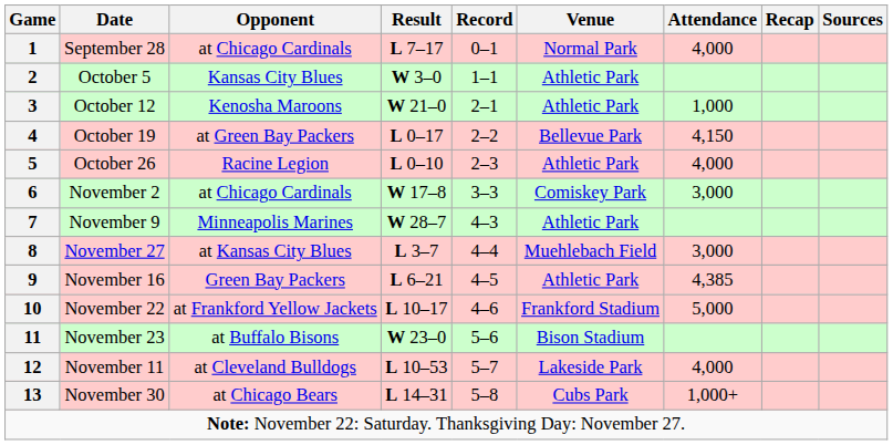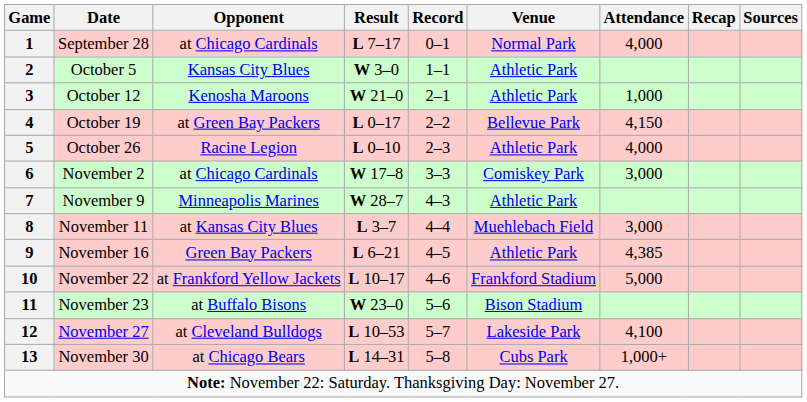 <table class="wikitable" style="text-align:center">
 <tr>
 <th>Game</th>
 <th>Date</th>
 <th>Opponent</th>
 <th>Result</th>
 <th>Record</th>
 <th>Venue</th>
 <th>Attendance</th>
 <th>Recap</th>
 <th>Sources</th>
 </tr>
 <tr style="background:#fcc">
 <th>1</th>
 <td>September 28</td>
 <td>at <a href='#'>Chicago Cardinals</a></td>
 <td><strong>L</strong> 7–17</td>
 <td>0–1</td>
 <td><a href='#'>Normal Park</a></td>
 <td>4,000</td>
 <td></td>
 <td></td>
 </tr>
 <tr style="background:#cfc">
 <th>2</th>
 <td>October 5</td>
 <td><a href='#'>Kansas City Blues</a></td>
 <td><strong>W</strong> 3–0</td>
 <td>1–1</td>
 <td><a href='#'>Athletic Park</a></td>
 <td></td>
 <td></td>
 <td></td>
 </tr>
 <tr style="background:#cfc">
 <th>3</th>
 <td>October 12</td>
 <td><a href='#'>Kenosha Maroons</a></td>
 <td><strong>W</strong> 21–0</td>
 <td>2–1</td>
 <td><a href='#'>Athletic Park</a></td>
 <td>1,000</td>
 <td></td>
 <td></td>
 </tr>
 <tr style="background:#fcc">
 <th>4</th>
 <td>October 19</td>
 <td>at <a href='#'>Green Bay Packers</a></td>
 <td><strong>L</strong> 0–17</td>
 <td>2–2</td>
 <td><a href='#'>Bellevue Park</a></td>
 <td>4,150</td>
 <td></td>
 <td></td>
 </tr>
 <tr style="background:#fcc">
 <th>5</th>
 <td>October 26</td>
 <td><a href='#'>Racine Legion</a></td>
 <td><strong>L</strong> 0–10</td>
 <td>2–3</td>
 <td><a href='#'>Athletic Park</a></td>
 <td>4,000</td>
 <td></td>
 <td></td>
 </tr>
 <tr style="background:#cfc">
 <th>6</th>
 <td>November 2</td>
 <td>at <a href='#'>Chicago Cardinals</a></td>
 <td><strong>W</strong> 17–8</td>
 <td>3–3</td>
 <td><a href='#'>Comiskey Park</a></td>
 <td>3,000</td>
 <td></td>
 <td></td>
 </tr>
 <tr style="background:#cfc">
 <th>7</th>
 <td>November 9</td>
 <td><a href='#'>Minneapolis Marines</a></td>
 <td><strong>W</strong> 28–7</td>
 <td>4–3</td>
 <td><a href='#'>Athletic Park</a></td>
 <td></td>
 <td></td>
 <td></td>
 </tr>
 <tr style="background:#fcc">
 <th>8</th>
-<td><a href='#'>November 27</a></td>
+<td>November 11</td>
 <td>at <a href='#'>Kansas City Blues</a></td>
 <td><strong>L</strong> 3–7</td>
 <td>4–4</td>
 <td><a href='#'>Muehlebach Field</a></td>
 <td>3,000</td>
 <td></td>
 <td></td>
 </tr>
 <tr style="background:#fcc">
 <th>9</th>
 <td>November 16</td>
 <td><a href='#'>Green Bay Packers</a></td>
 <td><strong>L</strong> 6–21</td>
 <td>4–5</td>
 <td><a href='#'>Athletic Park</a></td>
 <td>4,385</td>
 <td></td>
 <td></td>
 </tr>
 <tr style="background:#fcc">
 <th>10</th>
 <td>November 22</td>
 <td>at <a href='#'>Frankford Yellow Jackets</a></td>
 <td><strong>L</strong> 10–17</td>
 <td>4–6</td>
 <td><a href='#'>Frankford Stadium</a></td>
 <td>5,000</td>
 <td></td>
 <td></td>
 </tr>
 <tr style="background:#cfc">
 <th>11</th>
 <td>November 23</td>
 <td>at <a href='#'>Buffalo Bisons</a></td>
 <td><strong>W</strong> 23–0</td>
 <td>5–6</td>
 <td><a href='#'>Bison Stadium</a></td>
 <td></td>
 <td></td>
 <td></td>
 </tr>
 <tr style="background:#fcc">
 <th>12</th>
-<td>November 11</td>
+<td><a href='#'>November 27</a></td>
 <td>at <a href='#'>Cleveland Bulldogs</a></td>
 <td><strong>L</strong> 10–53</td>
 <td>5–7</td>
 <td><a href='#'>Lakeside Park</a></td>
-<td>4,000</td>
+<td>4,100</td>
 <td></td>
 <td></td>
 </tr>
 <tr style="background:#fcc">
 <th>13</th>
 <td>November 30</td>
 <td>at <a href='#'>Chicago Bears</a></td>
 <td><strong>L</strong> 14–31</td>
 <td>5–8</td>
 <td><a href='#'>Cubs Park</a></td>
 <td>1,000+</td>
 <td></td>
 <td></td>
 </tr>
 <tr>
 <td colspan="10"><strong>Note:</strong> November 22: Saturday. Thanksgiving Day: November 27.</td>
 </tr>
 </table>
